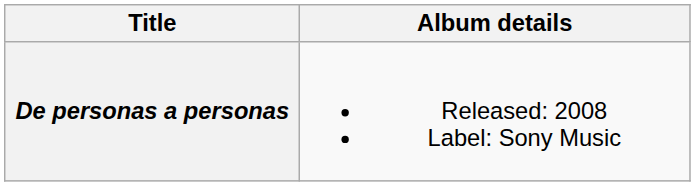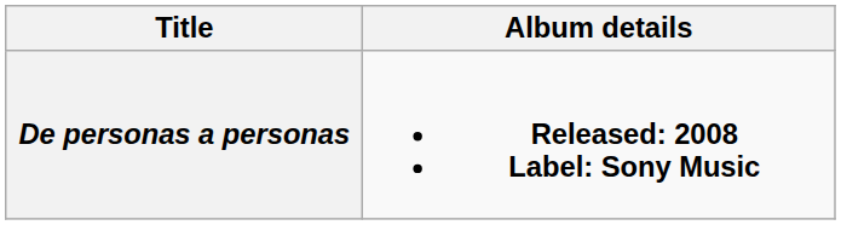 <table class="wikitable plainrowheaders" style="text-align:center;">
 <tr>
 <th rowspan="1" scope="col" style="width:12em;">Title</th>
 <th rowspan="1" scope="col" style="width:16em;">Album details</th>
 </tr>
 <tr>
 <th scope="row"><em>De personas a personas</em></th>
-<td><br><ul><li>Released: 2008</li><li>Label: Sony Music</li></ul></td>
+<td><strong><br><ul><li>Released: 2008</li><li>Label: Sony Music</li></ul></strong></td>
 </tr>
 </table>
